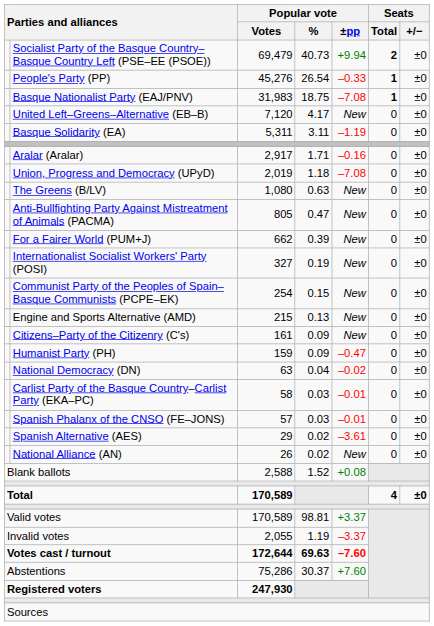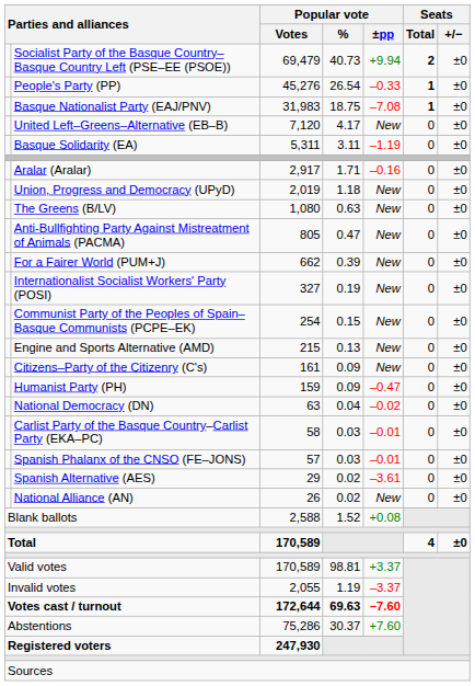 <table class="wikitable" style="text-align:right;">
 <tr>
 <th style="text-align:left;" rowspan="2" colspan="2" width="525">Parties and alliances</th>
 <th colspan="3">Popular vote</th>
 <th colspan="2">Seats</th>
 </tr>
 <tr>
 <th width="75">Votes</th>
 <th width="45">%</th>
 <th width="45">±<a href='#'>pp</a></th>
 <th width="35">Total</th>
 <th width="35">+/−</th>
 </tr>
 <tr>
 <td width="1" style="color:inherit;background:"></td>
 <td align="left"><a href='#'>Socialist Party of the Basque Country–Basque Country Left</a> (PSE–EE (PSOE))</td>
 <td>69,479</td>
 <td>40.73</td>
 <td style="color:green;">+9.94</td>
 <td><strong>2</strong></td>
 <td>±0</td>
 </tr>
 <tr>
 <td style="color:inherit;background:"></td>
 <td align="left"><a href='#'>People's Party</a> (PP)</td>
 <td>45,276</td>
 <td>26.54</td>
 <td style="color:red;">–0.33</td>
 <td><strong>1</strong></td>
 <td>±0</td>
 </tr>
 <tr>
 <td style="color:inherit;background:"></td>
 <td align="left"><a href='#'>Basque Nationalist Party</a> (EAJ/PNV)</td>
 <td>31,983</td>
 <td>18.75</td>
 <td style="color:red;">–7.08</td>
 <td><strong>1</strong></td>
 <td>±0</td>
 </tr>
 <tr>
 <td style="color:inherit;background:"></td>
 <td align="left"><a href='#'>United Left–Greens–Alternative</a> (EB–B)</td>
 <td>7,120</td>
 <td>4.17</td>
 <td><em>New</em></td>
 <td>0</td>
 <td>±0</td>
 </tr>
 <tr>
 <td style="color:inherit;background:"></td>
 <td align="left"><a href='#'>Basque Solidarity</a> (EA)</td>
 <td>5,311</td>
 <td>3.11</td>
 <td style="color:red;">–1.19</td>
 <td>0</td>
 <td>±0</td>
 </tr>
 <tr>
 <td colspan="7" bgcolor="#C0C0C0"></td>
 </tr>
 <tr>
 <td style="color:inherit;background:"></td>
 <td align="left"><a href='#'>Aralar</a> (Aralar)</td>
 <td>2,917</td>
 <td>1.71</td>
 <td style="color:red;">–0.16</td>
 <td>0</td>
 <td>±0</td>
 </tr>
 <tr>
 <td style="color:inherit;background:"></td>
 <td align="left"><a href='#'>Union, Progress and Democracy</a> (UPyD)</td>
 <td>2,019</td>
 <td>1.18</td>
-<td style="color:red;">–7.08</td>
+<td><em>New</em></td>
 <td>0</td>
 <td>±0</td>
 </tr>
 <tr>
 <td style="color:inherit;background:"></td>
 <td align="left"><a href='#'>The Greens</a> (B/LV)</td>
 <td>1,080</td>
 <td>0.63</td>
 <td><em>New</em></td>
 <td>0</td>
 <td>±0</td>
 </tr>
 <tr>
 <td style="color:inherit;background:"></td>
 <td align="left"><a href='#'>Anti-Bullfighting Party Against Mistreatment of Animals</a> (PACMA)</td>
 <td>805</td>
 <td>0.47</td>
 <td><em>New</em></td>
 <td>0</td>
 <td>±0</td>
 </tr>
 <tr>
 <td style="color:inherit;background:"></td>
 <td align="left"><a href='#'>For a Fairer World</a> (PUM+J)</td>
 <td>662</td>
 <td>0.39</td>
 <td><em>New</em></td>
 <td>0</td>
 <td>±0</td>
 </tr>
 <tr>
 <td style="color:inherit;background:"></td>
 <td align="left"><a href='#'>Internationalist Socialist Workers' Party</a> (POSI)</td>
 <td>327</td>
 <td>0.19</td>
 <td><em>New</em></td>
 <td>0</td>
 <td>±0</td>
 </tr>
 <tr>
 <td style="color:inherit;background:"></td>
 <td align="left"><a href='#'>Communist Party of the Peoples of Spain–Basque Communists</a> (PCPE–EK)</td>
 <td>254</td>
 <td>0.15</td>
 <td><em>New</em></td>
 <td>0</td>
 <td>±0</td>
 </tr>
 <tr>
 <td style="color:inherit;background:"></td>
 <td align="left">Engine and Sports Alternative (AMD)</td>
 <td>215</td>
 <td>0.13</td>
 <td><em>New</em></td>
 <td>0</td>
 <td>±0</td>
 </tr>
 <tr>
 <td style="color:inherit;background:"></td>
 <td align="left"><a href='#'>Citizens–Party of the Citizenry</a> (C's)</td>
 <td>161</td>
 <td>0.09</td>
 <td><em>New</em></td>
 <td>0</td>
 <td>±0</td>
 </tr>
 <tr>
 <td style="color:inherit;background:"></td>
 <td align="left"><a href='#'>Humanist Party</a> (PH)</td>
 <td>159</td>
 <td>0.09</td>
 <td style="color:red;">–0.47</td>
 <td>0</td>
 <td>±0</td>
 </tr>
 <tr>
 <td style="color:inherit;background:"></td>
 <td align="left"><a href='#'>National Democracy</a> (DN)</td>
 <td>63</td>
 <td>0.04</td>
 <td style="color:red;">–0.02</td>
 <td>0</td>
 <td>±0</td>
 </tr>
 <tr>
 <td style="color:inherit;background:"></td>
 <td align="left"><a href='#'>Carlist Party of the Basque Country</a>–<a href='#'>Carlist Party</a> (EKA–PC)</td>
 <td>58</td>
 <td>0.03</td>
 <td style="color:red;">–0.01</td>
 <td>0</td>
 <td>±0</td>
 </tr>
 <tr>
 <td style="color:inherit;background:"></td>
 <td align="left"><a href='#'>Spanish Phalanx of the CNSO</a> (FE–JONS)</td>
 <td>57</td>
 <td>0.03</td>
 <td style="color:red;">–0.01</td>
 <td>0</td>
 <td>±0</td>
 </tr>
 <tr>
 <td style="color:inherit;background:"></td>
 <td align="left"><a href='#'>Spanish Alternative</a> (AES)</td>
 <td>29</td>
 <td>0.02</td>
 <td style="color:red;">–3.61</td>
 <td>0</td>
 <td>±0</td>
 </tr>
 <tr>
 <td style="color:inherit;background:"></td>
 <td align="left"><a href='#'>National Alliance</a> (AN)</td>
 <td>26</td>
 <td>0.02</td>
 <td><em>New</em></td>
 <td>0</td>
 <td>±0</td>
 </tr>
 <tr>
 <td align="left" colspan="2">Blank ballots</td>
 <td>2,588</td>
 <td>1.52</td>
 <td style="color:green;">+0.08</td>
 <td bgcolor="#E9E9E9" colspan="2"></td>
 </tr>
 <tr>
 <td colspan="7" bgcolor="#E9E9E9"></td>
 </tr>
 <tr style="font-weight:bold;">
 <td align="left" colspan="2">Total</td>
 <td>170,589</td>
 <td bgcolor="#E9E9E9" colspan="2"></td>
 <td>4</td>
 <td>±0</td>
 </tr>
 <tr>
 <td colspan="7" bgcolor="#E9E9E9"></td>
 </tr>
 <tr>
 <td align="left" colspan="2">Valid votes</td>
 <td>170,589</td>
 <td>98.81</td>
 <td style="color:green;">+3.37</td>
 <td bgcolor="#E9E9E9" colspan="2" rowspan="5"></td>
 </tr>
 <tr>
 <td align="left" colspan="2">Invalid votes</td>
 <td>2,055</td>
 <td>1.19</td>
 <td style="color:red;">–3.37</td>
 </tr>
 <tr style="font-weight:bold;">
 <td align="left" colspan="2">Votes cast / turnout</td>
 <td>172,644</td>
 <td>69.63</td>
 <td style="color:red;">–7.60</td>
 </tr>
 <tr>
 <td align="left" colspan="2">Abstentions</td>
 <td>75,286</td>
 <td>30.37</td>
 <td style="color:green;">+7.60</td>
 </tr>
 <tr style="font-weight:bold;">
 <td align="left" colspan="2">Registered voters</td>
 <td>247,930</td>
 <td bgcolor="#E9E9E9" colspan="2"></td>
 </tr>
 <tr>
 <td colspan="7" bgcolor="#E9E9E9"></td>
 </tr>
 <tr>
 <td align="left" colspan="7">Sources</td>
 </tr>
 </table>
